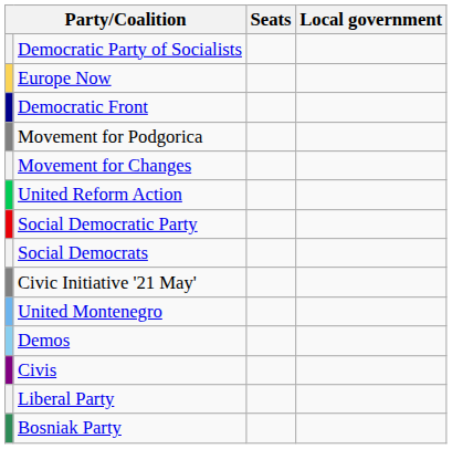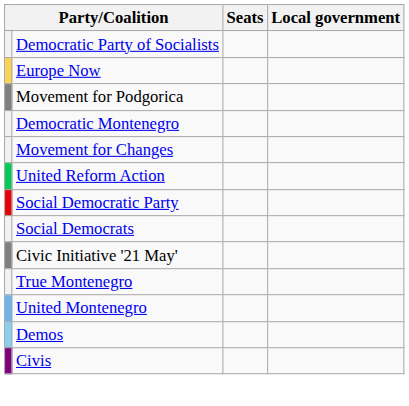 <table class="wikitable" style="text-align:left;">
 <tr>
 <th colspan=2>Party/Coalition</th>
 <th>Seats</th>
 <th>Local government</th>
 </tr>
 <tr>
 <th style="background-color: "></th>
 <td><a href='#'>Democratic Party of Socialists</a></td>
 <td></td>
 <td></td>
 </tr>
 <tr>
 <th style="background-color: #FBD455"></th>
 <td><a href='#'>Europe Now</a></td>
 <td></td>
 <td></td>
 </tr>
 <tr>
-<th style="background-color: darkblue"></th>
-<td><a href='#'>Democratic Front</a></td>
+<th style="background-color: gray"></th>
+<td>Movement for Podgorica</td>
 <td></td>
 <td></td>
 </tr>
 <tr>
-<th style="background-color: gray"></th>
-<td>Movement for Podgorica</td>
+<th style="background-color: "></th>
+<td><a href='#'>Democratic Montenegro</a></td>
 <td></td>
 <td></td>
 </tr>
 <tr>
 <th style="background-color: "></th>
 <td><a href='#'>Movement for Changes</a></td>
 <td></td>
 <td></td>
 </tr>
 <tr>
 <th style="background-color: #00cc55"></th>
 <td><a href='#'>United Reform Action</a></td>
 <td></td>
 <td></td>
 </tr>
 <tr>
 <th style="background-color: #E90007"></th>
 <td><a href='#'>Social Democratic Party</a></td>
 <td></td>
 <td></td>
 </tr>
 <tr>
 <th style="background-color: "></th>
 <td><a href='#'>Social Democrats</a></td>
 <td></td>
 <td></td>
 </tr>
 <tr>
 <th style="background-color: gray"></th>
 <td>Civic Initiative '21 May'</td>
 <td></td>
 <td></td>
 </tr>
 <tr>
+<th style="background-color: "></th>
+<td><a href='#'>True Montenegro</a></td>
+<td></td>
+<td></td>
+</tr>
+<tr>
 <th style="background-color: #6CB4EE"></th>
 <td><a href='#'>United Montenegro</a></td>
 <td></td>
 <td></td>
 </tr>
 <tr>
 <th style="background-color: #89CFF0"></th>
 <td><a href='#'>Demos</a></td>
 <td></td>
 <td></td>
 </tr>
 <tr>
 <th style="background-color: #800080"></th>
 <td><a href='#'>Civis</a></td>
 <td></td>
 <td></td>
 </tr>
-<tr>
-<th style="background-color: "></th>
-<td><a href='#'>Liberal Party</a></td>
-<td></td>
-<td></td>
-</tr>
-<tr>
-<th style="background-color: #2E8B57"></th>
-<td><a href='#'>Bosniak Party</a></td>
-<td></td>
-<td></td>
-</tr>
 </table>
